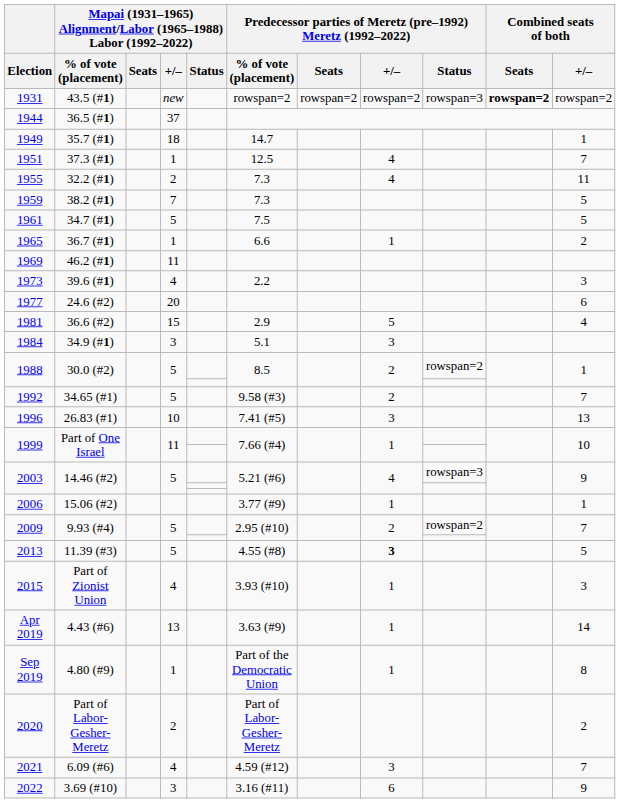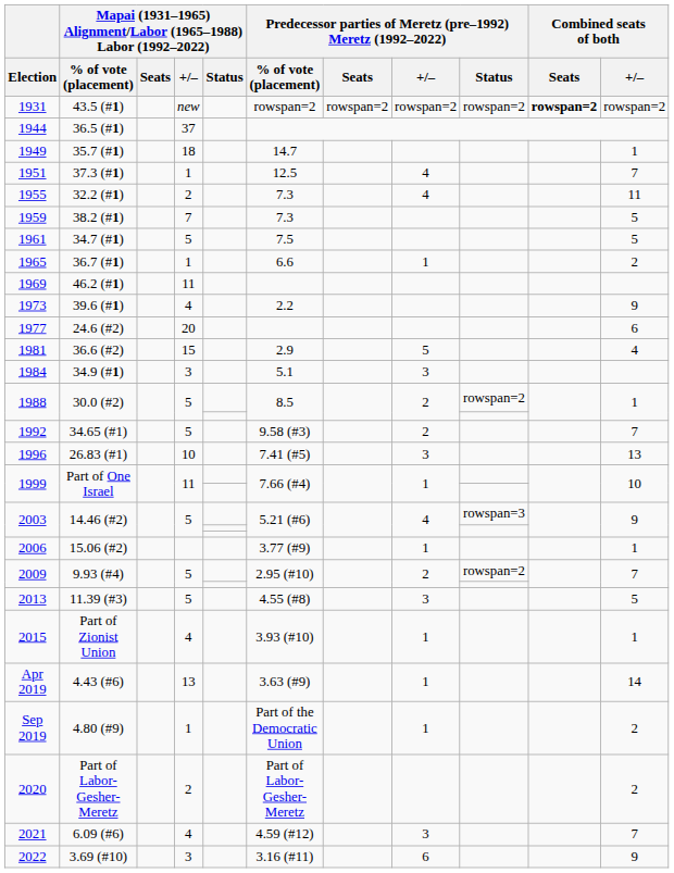 <table class="wikitable mw-collapsible mw-collapsed" style=text-align:center>
 <tr>
 <th></th>
 <th colspan=4><a href='#'>Mapai</a> (1931–1965)<br><a href='#'>Alignment</a>/<a href='#'>Labor</a> (1965–1988)<br>Labor (1992–2022)</th>
 <th colspan=4>Predecessor parties of Meretz (pre–1992)<br><a href='#'>Meretz</a> (1992–2022)</th>
 <th colspan=2>Combined seats<br>of both</th>
 </tr>
 <tr>
 <th>Election</th>
 <th>% of vote<br>(placement)</th>
 <th>Seats</th>
 <th>+/–</th>
 <th>Status</th>
 <th>% of vote<br>(placement)</th>
 <th>Seats</th>
 <th>+/–</th>
 <th>Status</th>
 <th>Seats</th>
 <th>+/–</th>
 </tr>
 <tr>
 <td><a href='#'>1931</a></td>
 <td>43.5 (#<strong>1</strong>)</td>
 <td></td>
 <td><em>new</em></td>
 <td></td>
 <td>rowspan=2 </td>
 <td>rowspan=2 </td>
 <td>rowspan=2 </td>
-<td>rowspan=3 </td>
+<td>rowspan=2 </td>
 <td><strong>rowspan=2 </strong></td>
 <td>rowspan=2 </td>
 </tr>
 <tr>
 <td><a href='#'>1944</a></td>
 <td>36.5 (#<strong>1</strong>)</td>
 <td></td>
 <td> 37</td>
 <td></td>
 </tr>
 <tr>
 <td><a href='#'>1949</a></td>
 <td>35.7 (#<strong>1</strong>)</td>
 <td></td>
 <td> 18</td>
 <td></td>
 <td>14.7</td>
 <td></td>
 <td></td>
 <td></td>
 <td></td>
 <td> 1</td>
 </tr>
 <tr>
 <td><a href='#'>1951</a></td>
 <td>37.3 (#<strong>1</strong>)</td>
 <td></td>
 <td> 1</td>
 <td></td>
 <td>12.5</td>
 <td></td>
 <td> 4</td>
 <td></td>
 <td></td>
 <td> 7</td>
 </tr>
 <tr>
 <td><a href='#'>1955</a></td>
 <td>32.2 (#<strong>1</strong>)</td>
 <td></td>
 <td> 2</td>
 <td></td>
 <td>7.3</td>
 <td></td>
 <td> 4</td>
 <td></td>
 <td></td>
 <td> 11</td>
 </tr>
 <tr>
 <td><a href='#'>1959</a></td>
 <td>38.2 (#<strong>1</strong>)</td>
 <td></td>
 <td> 7</td>
 <td></td>
 <td>7.3</td>
 <td></td>
 <td></td>
 <td></td>
 <td></td>
 <td> 5</td>
 </tr>
 <tr>
 <td><a href='#'>1961</a></td>
 <td>34.7 (#<strong>1</strong>)</td>
 <td></td>
 <td> 5</td>
 <td></td>
 <td>7.5</td>
 <td></td>
 <td></td>
 <td></td>
 <td></td>
 <td> 5</td>
 </tr>
 <tr>
 <td><a href='#'>1965</a></td>
 <td>36.7 (#<strong>1</strong>)</td>
 <td></td>
 <td> 1</td>
 <td></td>
 <td>6.6</td>
 <td></td>
 <td> 1</td>
 <td></td>
 <td></td>
 <td> 2</td>
 </tr>
 <tr>
 <td><a href='#'>1969</a></td>
 <td>46.2 (#<strong>1</strong>)</td>
 <td></td>
 <td> 11</td>
 <td></td>
 <td></td>
 <td></td>
 <td></td>
 <td></td>
 <td></td>
 <td></td>
 </tr>
 <tr>
 <td><a href='#'>1973</a></td>
 <td>39.6 (#<strong>1</strong>)</td>
 <td></td>
 <td> 4</td>
 <td></td>
 <td>2.2</td>
 <td></td>
 <td></td>
 <td></td>
 <td></td>
-<td> 3</td>
+<td> 9</td>
 </tr>
 <tr>
 <td><a href='#'>1977</a></td>
 <td>24.6 (#2)</td>
 <td></td>
 <td> 20</td>
 <td></td>
 <td></td>
 <td> <br> </td>
 <td></td>
 <td></td>
 <td></td>
 <td> 6</td>
 </tr>
 <tr>
 <td><a href='#'>1981</a></td>
 <td>36.6 (#2)</td>
 <td></td>
 <td> 15</td>
 <td></td>
 <td>2.9</td>
 <td> <br> </td>
 <td> 5</td>
 <td></td>
 <td></td>
 <td> 4</td>
 </tr>
 <tr>
 <td><a href='#'>1984</a></td>
 <td>34.9 (#<strong>1</strong>)</td>
 <td></td>
 <td> 3</td>
 <td></td>
 <td>5.1</td>
 <td> <br> </td>
 <td> 3</td>
 <td></td>
 <td></td>
 <td></td>
 </tr>
 <tr>
 <td rowspan=2><a href='#'>1988</a></td>
 <td rowspan=2>30.0 (#2)</td>
 <td rowspan=2></td>
 <td rowspan=2> 5</td>
 <td></td>
 <td rowspan=2>8.5</td>
 <td rowspan=2> <br>  <br> </td>
 <td rowspan=2> 2</td>
 <td>rowspan=2 </td>
 <td rowspan=2></td>
 <td rowspan=2> 1</td>
 </tr>
 <tr>
 <td></td>
 </tr>
 <tr>
 <td><a href='#'>1992</a></td>
 <td>34.65 (#1)</td>
 <td></td>
 <td> 5</td>
 <td></td>
 <td>9.58 (#3)</td>
 <td></td>
 <td> 2</td>
 <td></td>
 <td></td>
 <td> 7</td>
 </tr>
 <tr>
 <td><a href='#'>1996</a></td>
 <td>26.83 (#1)</td>
 <td></td>
 <td> 10</td>
 <td></td>
 <td>7.41 (#5)</td>
 <td></td>
 <td> 3</td>
 <td></td>
 <td></td>
 <td> 13</td>
 </tr>
 <tr>
 <td rowspan=2><a href='#'>1999</a></td>
 <td rowspan=2 align=center>Part of <a href='#'>One Israel</a></td>
 <td rowspan=2></td>
 <td rowspan=2> 11</td>
 <td></td>
 <td rowspan=2>7.66 (#4)</td>
 <td rowspan=2></td>
 <td rowspan=2> 1</td>
 <td></td>
 <td rowspan=2></td>
 <td rowspan=2> 10</td>
 </tr>
 <tr>
 <td></td>
 <td></td>
 </tr>
 <tr>
 <td rowspan=3><a href='#'>2003</a></td>
 <td rowspan=3>14.46 (#2)</td>
 <td rowspan=3></td>
 <td rowspan=3> 5</td>
 <td></td>
 <td rowspan=3>5.21 (#6)</td>
 <td rowspan=3></td>
 <td rowspan=3> 4</td>
 <td>rowspan=3 </td>
 <td rowspan=3></td>
 <td rowspan=3> 9</td>
 </tr>
 <tr>
 <td></td>
 </tr>
 <tr>
 <td></td>
 </tr>
 <tr>
 <td><a href='#'>2006</a></td>
 <td>15.06 (#2)</td>
 <td></td>
 <td></td>
 <td></td>
 <td>3.77 (#9)</td>
 <td></td>
 <td> 1</td>
 <td></td>
 <td></td>
 <td> 1</td>
 </tr>
 <tr>
 <td rowspan=2><a href='#'>2009</a></td>
 <td rowspan=2>9.93 (#4)</td>
 <td rowspan=2></td>
 <td rowspan=2> 5</td>
 <td></td>
 <td rowspan=2>2.95 (#10)</td>
 <td rowspan=2></td>
 <td rowspan=2> 2</td>
 <td>rowspan=2 </td>
 <td rowspan=2></td>
 <td rowspan=2> 7</td>
 </tr>
 <tr>
 <td></td>
 </tr>
 <tr>
 <td><a href='#'>2013</a></td>
 <td>11.39 (#3)</td>
 <td></td>
 <td> 5</td>
 <td></td>
 <td>4.55 (#8)</td>
 <td></td>
-<td><strong> 3</strong></td>
+<td> 3</td>
 <td></td>
 <td></td>
 <td> 5</td>
 </tr>
 <tr>
 <td><a href='#'>2015</a></td>
 <td>Part of <a href='#'>Zionist Union</a></td>
 <td></td>
 <td> 4</td>
 <td></td>
 <td>3.93 (#10)</td>
 <td></td>
 <td> 1</td>
 <td></td>
 <td></td>
-<td> 3</td>
+<td> 1</td>
 </tr>
 <tr>
 <td><a href='#'>Apr 2019</a></td>
 <td>4.43 (#6)</td>
 <td></td>
 <td> 13</td>
 <td></td>
 <td>3.63 (#9)</td>
 <td></td>
 <td> 1</td>
 <td></td>
 <td></td>
 <td> 14</td>
 </tr>
 <tr>
 <td><a href='#'>Sep 2019</a></td>
 <td>4.80 (#9)</td>
 <td></td>
 <td> 1</td>
 <td></td>
 <td>Part of the <a href='#'>Democratic Union</a></td>
 <td></td>
 <td> 1</td>
 <td></td>
 <td></td>
-<td> 8</td>
+<td> 2</td>
 </tr>
 <tr>
 <td><a href='#'>2020</a></td>
 <td>Part of <a href='#'>Labor-<br>Gesher-Meretz</a></td>
 <td></td>
 <td> 2</td>
 <td></td>
 <td>Part of <a href='#'>Labor-<br>Gesher-Meretz</a></td>
 <td></td>
 <td></td>
 <td></td>
 <td></td>
 <td> 2</td>
 </tr>
 <tr>
 <td><a href='#'>2021</a></td>
 <td>6.09 (#6)</td>
 <td></td>
 <td> 4</td>
 <td></td>
 <td>4.59 (#12)</td>
 <td></td>
 <td> 3</td>
 <td></td>
 <td></td>
 <td> 7</td>
 </tr>
 <tr>
 <td><a href='#'>2022</a></td>
 <td>3.69 (#10)</td>
 <td></td>
 <td> 3</td>
 <td></td>
 <td>3.16 (#11)</td>
 <td></td>
 <td> 6</td>
 <td></td>
 <td></td>
 <td> 9</td>
 </tr>
 </table>
